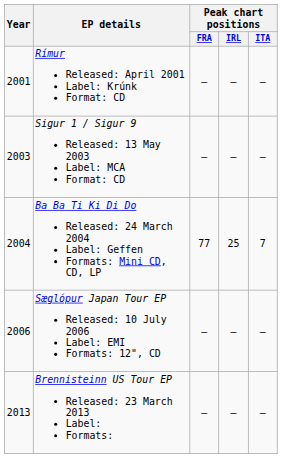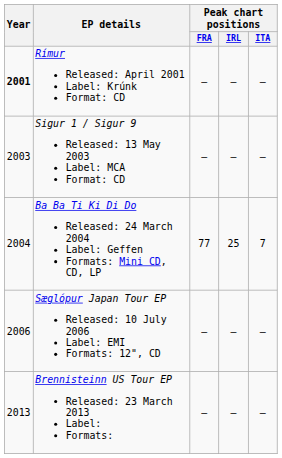 <table class="wikitable">
 <tr>
 <th rowspan="2">Year</th>
 <th style="width:200px;" rowspan="2">EP details</th>
 <th colspan="4">Peak chart positions</th>
 </tr>
 <tr>
 <th style="width:3em;font-size:85%;"><a href='#'>FRA</a><br></th>
 <th style="width:3em;font-size:85%;"><a href='#'>IRL</a><br></th>
 <th style="width:3em;font-size:85%;"><a href='#'>ITA</a><br></th>
 </tr>
 <tr>
-<td style="text-align:center;">2001</td>
+<td style="text-align:center;"><strong>2001</strong></td>
 <td><em><a href='#'>Rímur</a></em><br><ul><li>Released: April 2001</li><li>Label: Krúnk</li><li>Format: CD</li></ul></td>
 <td style="text-align:center;">—</td>
 <td style="text-align:center;">—</td>
 <td style="text-align:center;">—</td>
 </tr>
 <tr>
 <td style="text-align:center;">2003</td>
 <td><em>Sigur 1 / Sigur 9</em><br><ul><li>Released: 13 May 2003</li><li>Label: MCA</li><li>Format: CD</li></ul></td>
 <td style="text-align:center;">—</td>
 <td style="text-align:center;">—</td>
 <td style="text-align:center;">—</td>
 </tr>
 <tr>
 <td style="text-align:center;">2004</td>
 <td><em><a href='#'>Ba Ba Ti Ki Di Do</a></em><br><ul><li>Released: 24 March 2004</li><li>Label: Geffen</li><li>Formats: <a href='#'>Mini CD</a>, CD, LP</li></ul></td>
 <td style="text-align:center;">77</td>
 <td style="text-align:center;">25</td>
 <td style="text-align:center;">7</td>
 </tr>
 <tr>
 <td style="text-align:center;">2006</td>
 <td><em><a href='#'>Sæglópur</a> Japan Tour EP</em><br><ul><li>Released: 10 July 2006</li><li>Label: EMI</li><li>Formats: 12", CD</li></ul></td>
 <td style="text-align:center;">—</td>
 <td style="text-align:center;">—</td>
 <td style="text-align:center;">—</td>
 </tr>
 <tr>
 <td style="text-align:center;">2013</td>
 <td><em><a href='#'>Brennisteinn</a> US Tour EP</em><br><ul><li>Released: 23 March 2013</li><li>Label:</li><li>Formats:</li></ul></td>
 <td style="text-align:center;">—</td>
 <td style="text-align:center;">—</td>
 <td style="text-align:center;">—</td>
 </tr>
 </table>
